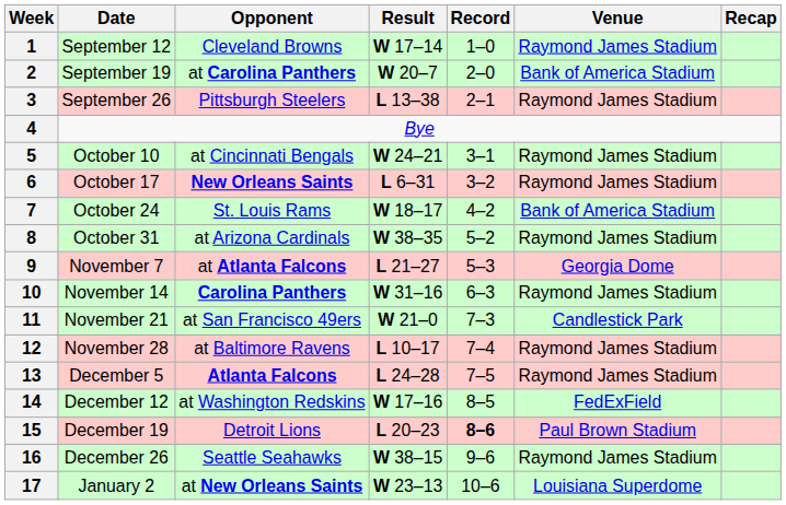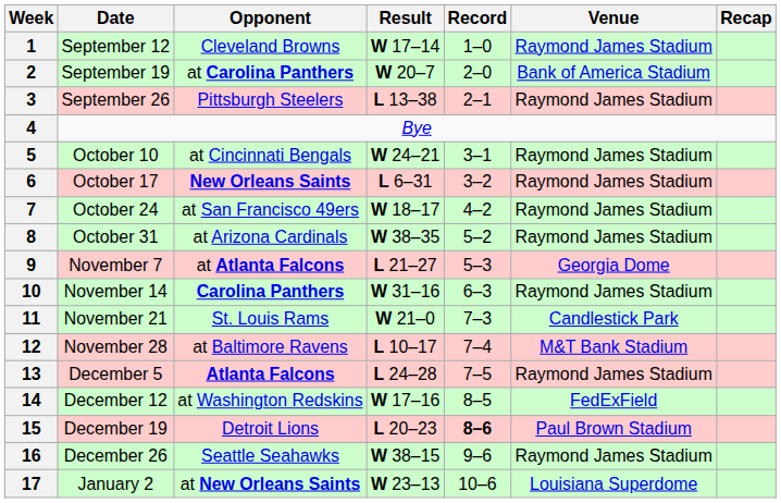 <table class="wikitable" style="text-align:center">
 <tr>
 <th>Week</th>
 <th>Date</th>
 <th>Opponent</th>
 <th>Result</th>
 <th>Record</th>
 <th>Venue</th>
 <th>Recap</th>
 </tr>
 <tr style="background:#cfc;">
 <th>1</th>
 <td style="text-align:center;">September 12</td>
 <td style="text-align:center;"><a href='#'>Cleveland Browns</a></td>
 <td style="text-align:center;"><strong>W</strong> 17–14</td>
 <td style="text-align:center;">1–0</td>
 <td style="text-align:center;"><a href='#'>Raymond James Stadium</a></td>
 <td style="text-align:center;"></td>
 </tr>
 <tr style="background:#cfc;">
 <th>2</th>
 <td style="text-align:center;">September 19</td>
 <td style="text-align:center;">at <strong><a href='#'>Carolina Panthers</a></strong></td>
 <td style="text-align:center;"><strong>W</strong>  20–7</td>
 <td style="text-align:center;">2–0</td>
 <td style="text-align:center;"><a href='#'>Bank of America Stadium</a></td>
 <td style="text-align:center;"></td>
 </tr>
 <tr style="background:#fcc;">
 <th>3</th>
 <td style="text-align:center;">September 26</td>
 <td style="text-align:center;"><a href='#'>Pittsburgh Steelers</a></td>
 <td style="text-align:center;"><strong>L</strong> 13–38</td>
 <td style="text-align:center;">2–1</td>
 <td style="text-align:center;">Raymond James Stadium</td>
 <td style="text-align:center;"></td>
 </tr>
 <tr>
 <th>4</th>
 <td colspan="6" style="text-align:center;"><em><a href='#'>Bye</a></em></td>
 </tr>
 <tr style="background:#cfc;">
 <th>5</th>
 <td style="text-align:center;">October 10</td>
 <td style="text-align:center;">at <a href='#'>Cincinnati Bengals</a></td>
 <td style="text-align:center;"><strong>W</strong> 24–21</td>
 <td style="text-align:center;">3–1</td>
 <td style="text-align:center;">Raymond James Stadium</td>
 <td style="text-align:center;"></td>
 </tr>
 <tr style="background:#fcc;">
 <th>6</th>
 <td style="text-align:center;">October 17</td>
 <td style="text-align:center;"><strong><a href='#'>New Orleans Saints</a></strong></td>
 <td style="text-align:center;"><strong>L</strong> 6–31</td>
 <td style="text-align:center;">3–2</td>
 <td style="text-align:center;">Raymond James Stadium</td>
 <td style="text-align:center;"></td>
 </tr>
 <tr style="background:#cfc;">
 <th>7</th>
 <td style="text-align:center;">October 24</td>
-<td style="text-align:center;"><a href='#'>St. Louis Rams</a></td>
+<td style="text-align:center;">at <a href='#'>San Francisco 49ers</a></td>
 <td style="text-align:center;"><strong>W</strong> 18–17</td>
 <td style="text-align:center;">4–2</td>
-<td style="text-align:center;"><a href='#'>Bank of America Stadium</a></td>
+<td style="text-align:center;">Raymond James Stadium</td>
 <td style="text-align:center;"></td>
 </tr>
 <tr style="background:#cfc;">
 <th>8</th>
 <td style="text-align:center;">October 31</td>
 <td style="text-align:center;">at <a href='#'>Arizona Cardinals</a></td>
 <td style="text-align:center;"><strong>W</strong> 38–35</td>
 <td style="text-align:center;">5–2</td>
 <td style="text-align:center;">Raymond James Stadium</td>
 <td style="text-align:center;"></td>
 </tr>
 <tr style="background:#fcc;">
 <th>9</th>
 <td style="text-align:center;">November 7</td>
 <td style="text-align:center;">at <strong><a href='#'>Atlanta Falcons</a></strong></td>
 <td style="text-align:center;"><strong>L</strong> 21–27</td>
 <td style="text-align:center;">5–3</td>
 <td style="text-align:center;"><a href='#'>Georgia Dome</a></td>
 <td style="text-align:center;"></td>
 </tr>
 <tr style="background:#cfc;">
 <th>10</th>
 <td style="text-align:center;">November 14</td>
 <td style="text-align:center;"><strong><a href='#'>Carolina Panthers</a></strong></td>
 <td style="text-align:center;"><strong>W</strong> 31–16</td>
 <td style="text-align:center;">6–3</td>
 <td style="text-align:center;">Raymond James Stadium</td>
 <td style="text-align:center;"></td>
 </tr>
 <tr style="background:#cfc;">
 <th>11</th>
 <td style="text-align:center;">November 21</td>
-<td style="text-align:center;">at <a href='#'>San Francisco 49ers</a></td>
+<td style="text-align:center;"><a href='#'>St. Louis Rams</a></td>
 <td style="text-align:center;"><strong>W</strong> 21–0</td>
 <td style="text-align:center;">7–3</td>
 <td style="text-align:center;"><a href='#'>Candlestick Park</a></td>
 <td style="text-align:center;"></td>
 </tr>
 <tr style="background:#fcc;">
 <th>12</th>
 <td style="text-align:center;">November 28</td>
 <td style="text-align:center;">at <a href='#'>Baltimore Ravens</a></td>
 <td style="text-align:center;"><strong>L</strong> 10–17</td>
 <td style="text-align:center;">7–4</td>
-<td style="text-align:center;">Raymond James Stadium</td>
+<td style="text-align:center;"><a href='#'>M&T Bank Stadium</a></td>
 <td style="text-align:center;"></td>
 </tr>
 <tr style="background:#fcc;">
 <th>13</th>
 <td>December 5</td>
 <td style="text-align:center;"><strong><a href='#'>Atlanta Falcons</a></strong></td>
 <td style="text-align:center;"><strong>L</strong> 24–28</td>
 <td style="text-align:center;">7–5</td>
 <td style="text-align:center;">Raymond James Stadium</td>
 <td style="text-align:center;"></td>
 </tr>
 <tr style="background:#cfc;">
 <th>14</th>
 <td style="text-align:center;">December 12</td>
 <td style="text-align:center;">at <a href='#'>Washington Redskins</a></td>
 <td style="text-align:center;"><strong>W</strong> 17–16</td>
 <td style="text-align:center;">8–5</td>
 <td style="text-align:center;"><a href='#'>FedExField</a></td>
 <td style="text-align:center;"></td>
 </tr>
 <tr style="background:#fcc;">
 <th>15</th>
 <td style="text-align:center;">December 19</td>
 <td style="text-align:center;"><a href='#'>Detroit Lions</a></td>
 <td style="text-align:center;"><strong>L</strong> 20–23 </td>
 <td style="text-align:center;"><strong>8–6</strong></td>
 <td style="text-align:center;"><a href='#'>Paul Brown Stadium</a></td>
 <td style="text-align:center;"></td>
 </tr>
 <tr style="background:#cfc;">
 <th>16</th>
 <td style="text-align:center;">December 26</td>
 <td style="text-align:center;"><a href='#'>Seattle Seahawks</a></td>
 <td style="text-align:center;"><strong>W</strong> 38–15</td>
 <td style="text-align:center;">9–6</td>
 <td style="text-align:center;">Raymond James Stadium</td>
 <td style="text-align:center;"></td>
 </tr>
 <tr style="background:#cfc;">
 <th>17</th>
 <td style="text-align:center;">January 2</td>
 <td style="text-align:center;">at <strong><a href='#'>New Orleans Saints</a></strong></td>
 <td style="text-align:center;"><strong>W</strong> 23–13</td>
 <td style="text-align:center;">10–6</td>
 <td style="text-align:center;"><a href='#'>Louisiana Superdome</a></td>
 <td style="text-align:center;"></td>
 </tr>
 </table>
